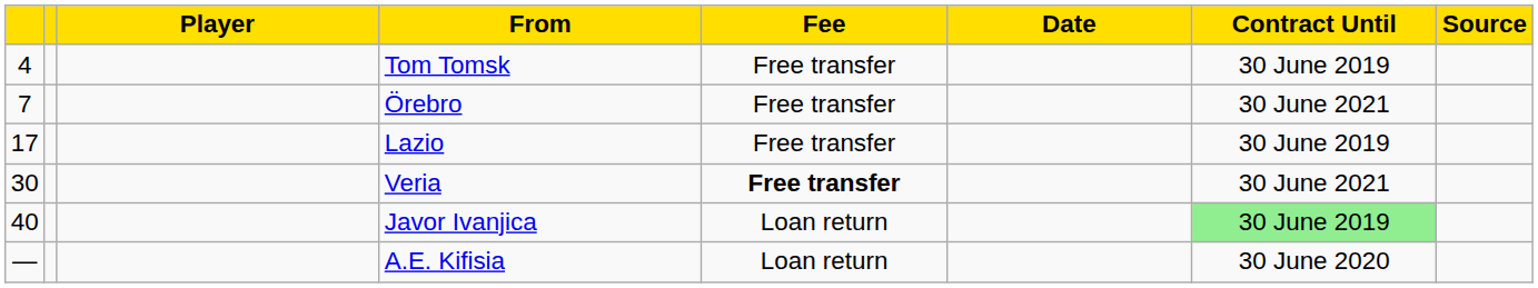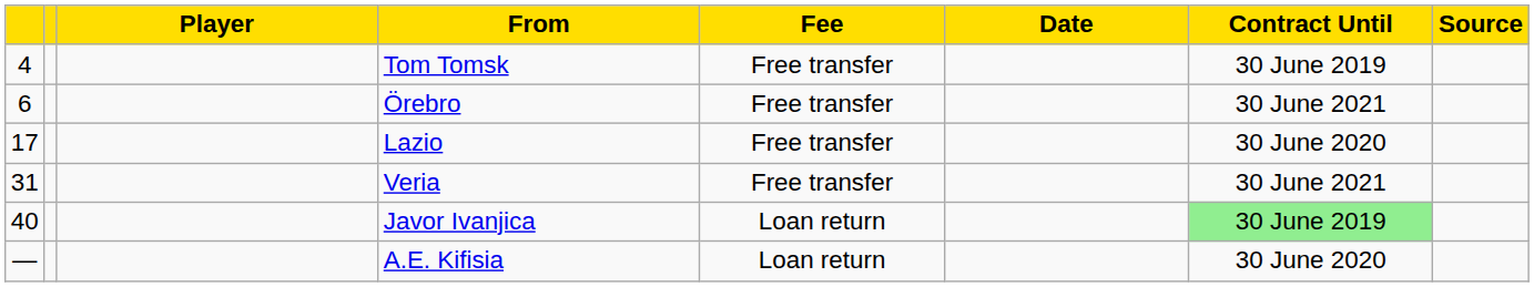 <table class="wikitable sortable">
 <tr>
 <th style="background:#FFDE00"></th>
 <th style="background:#FFDE00"></th>
 <th width=200 style="background:#FFDE00">Player</th>
 <th width=200 style="background:#FFDE00">From</th>
 <th width=150 style="background:#FFDE00">Fee</th>
 <th width=150 style="background:#FFDE00">Date</th>
 <th width=150 style="background:#FFDE00">Contract Until</th>
 <th style="background:#FFDE00">Source</th>
 </tr>
 <tr>
 <td align=center>4</td>
 <td align=center></td>
 <td></td>
 <td> <a href='#'>Tom Tomsk</a></td>
 <td align=center>Free transfer</td>
 <td align=center></td>
 <td align=center>30 June 2019</td>
 <td align=center></td>
 </tr>
 <tr>
-<td align=center>7</td>
+<td align=center>6</td>
 <td align=center></td>
 <td></td>
 <td> <a href='#'>Örebro</a></td>
 <td align=center>Free transfer</td>
 <td align=center></td>
 <td align=center>30 June 2021</td>
 <td align=center></td>
 </tr>
 <tr>
 <td align=center>17</td>
 <td align=center></td>
 <td></td>
 <td> <a href='#'>Lazio</a></td>
 <td align=center>Free transfer</td>
 <td align=center></td>
-<td align=center>30 June 2019</td>
+<td align=center>30 June 2020</td>
 <td align=center></td>
 </tr>
 <tr>
-<td align=center>30</td>
+<td align=center>31</td>
 <td align=center></td>
 <td></td>
 <td> <a href='#'>Veria</a></td>
-<td align=center><strong>Free transfer</strong></td>
+<td align=center>Free transfer</td>
 <td align=center></td>
 <td align=center>30 June 2021</td>
 <td align=center></td>
 </tr>
 <tr>
 <td align=center>40</td>
 <td align=center></td>
 <td></td>
 <td> <a href='#'>Javor Ivanjica</a></td>
 <td align=center>Loan return</td>
 <td align=center></td>
 <td align=center style="background: lightgreen;">30 June 2019</td>
 <td align=center></td>
 </tr>
 <tr>
 <td align=center>—</td>
 <td align=center></td>
 <td></td>
 <td> <a href='#'>A.E. Kifisia</a></td>
 <td align=center>Loan return</td>
 <td align=center></td>
 <td align=center>30 June 2020</td>
 <td align=center></td>
 </tr>
 </table>
